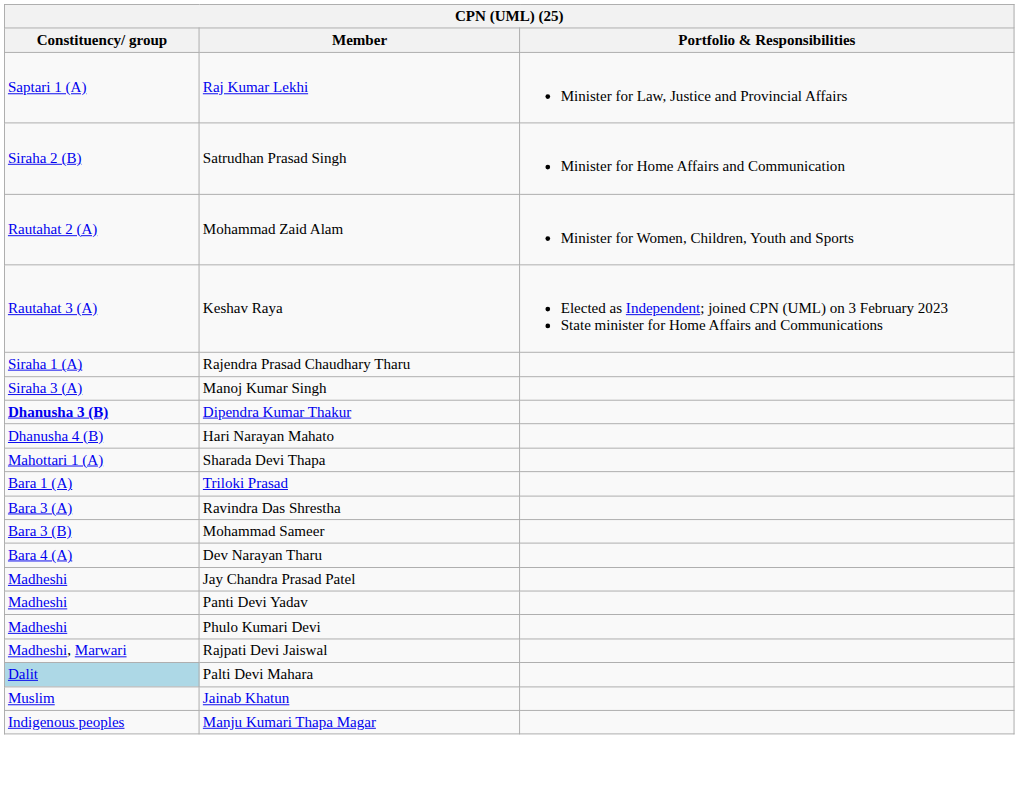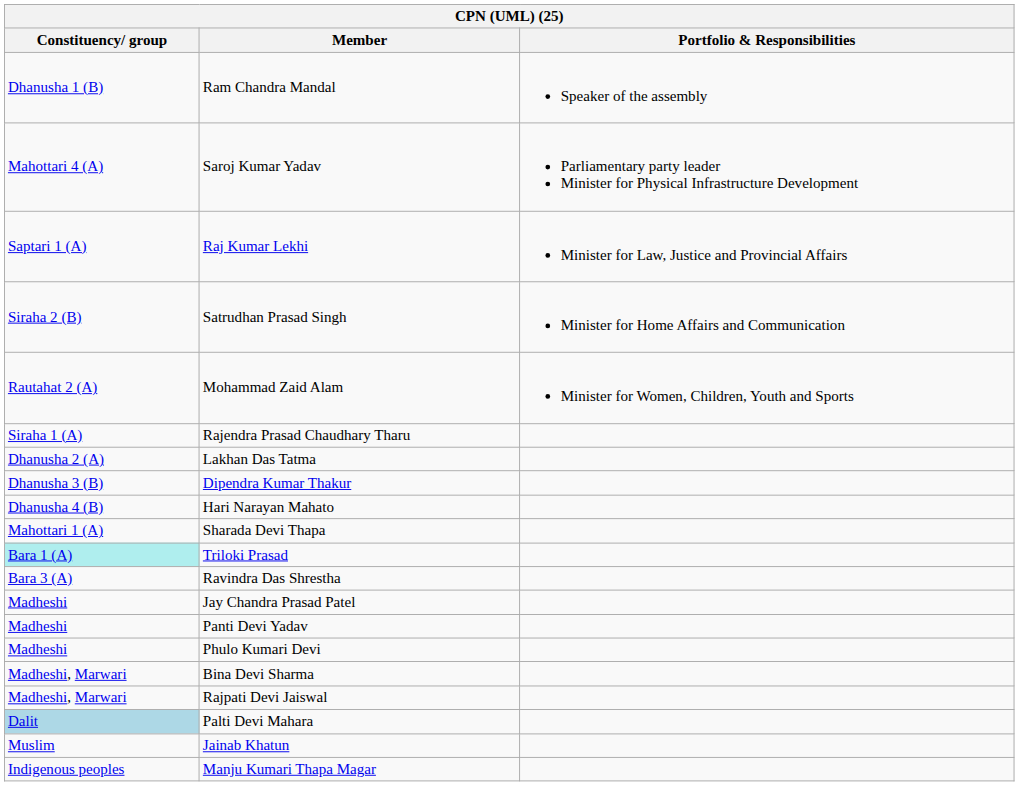 <table class="wikitable sortable mw-collapsible mw-collapsed">
 <tr>
 <th colspan="3" style="width: 800pt; background:">CPN (UML) (25)</th>
 </tr>
 <tr>
 <th style="width:150pt;">Constituency/ group</th>
 <th style="width:250pt;">Member</th>
 <th>Portfolio & Responsibilities</th>
+</tr>
+<tr>
+<td><a href='#'>Dhanusha 1 (B)</a></td>
+<td>Ram Chandra Mandal</td>
+<td><br><ul><li>Speaker of the assembly</li></ul></td>
+</tr>
+<tr>
+<td><a href='#'>Mahottari 4 (A)</a></td>
+<td>Saroj Kumar Yadav</td>
+<td><br><ul><li>Parliamentary party leader</li><li>Minister for Physical Infrastructure Development</li></ul></td>
 </tr>
 <tr>
 <td><a href='#'>Saptari 1 (A)</a></td>
 <td><a href='#'>Raj Kumar Lekhi</a></td>
 <td><br><ul><li>Minister for Law, Justice and Provincial Affairs</li></ul></td>
 </tr>
 <tr>
 <td><a href='#'>Siraha 2 (B)</a></td>
 <td>Satrudhan Prasad Singh</td>
 <td><br><ul><li>Minister for Home Affairs and Communication</li></ul></td>
 </tr>
 <tr>
 <td><a href='#'>Rautahat 2 (A)</a></td>
 <td>Mohammad Zaid Alam</td>
 <td><br><ul><li>Minister for Women, Children, Youth and Sports</li></ul></td>
 </tr>
 <tr>
-<td><a href='#'>Rautahat 3 (A)</a></td>
-<td>Keshav Raya</td>
-<td><br><ul><li>Elected as <a href='#'>Independent</a>; joined CPN (UML) on 3 February 2023</li><li>State minister for Home Affairs and Communications</li></ul></td>
-</tr>
-<tr>
 <td><a href='#'>Siraha 1 (A)</a></td>
 <td>Rajendra Prasad Chaudhary Tharu</td>
 <td></td>
 </tr>
 <tr>
-<td><a href='#'>Siraha 3 (A)</a></td>
-<td>Manoj Kumar Singh</td>
+<td><a href='#'>Dhanusha 2 (A)</a></td>
+<td>Lakhan Das Tatma</td>
 <td></td>
 </tr>
 <tr>
-<td><strong><a href='#'>Dhanusha 3 (B)</a></strong></td>
+<td><a href='#'>Dhanusha 3 (B)</a></td>
 <td><a href='#'>Dipendra Kumar Thakur</a></td>
 <td></td>
 </tr>
 <tr>
 <td><a href='#'>Dhanusha 4 (B)</a></td>
 <td>Hari Narayan Mahato</td>
 <td></td>
 </tr>
 <tr>
 <td><a href='#'>Mahottari 1 (A)</a></td>
 <td>Sharada Devi Thapa</td>
 <td></td>
 </tr>
 <tr>
-<td><a href='#'>Bara 1 (A)</a></td>
+<td style="background: paleturquoise;"><a href='#'>Bara 1 (A)</a></td>
 <td><a href='#'>Triloki Prasad</a></td>
 <td></td>
 </tr>
 <tr>
 <td><a href='#'>Bara 3 (A)</a></td>
 <td>Ravindra Das Shrestha</td>
-<td></td>
-</tr>
-<tr>
-<td><a href='#'>Bara 3 (B)</a></td>
-<td>Mohammad Sameer</td>
-<td></td>
-</tr>
-<tr>
-<td><a href='#'>Bara 4 (A)</a></td>
-<td>Dev Narayan Tharu</td>
 <td></td>
 </tr>
 <tr>
 <td><a href='#'>Madheshi</a></td>
 <td>Jay Chandra Prasad Patel</td>
 <td></td>
 </tr>
 <tr>
 <td><a href='#'>Madheshi</a></td>
 <td>Panti Devi Yadav</td>
 <td></td>
 </tr>
 <tr>
 <td><a href='#'>Madheshi</a></td>
 <td>Phulo Kumari Devi</td>
+<td></td>
+</tr>
+<tr>
+<td><a href='#'>Madheshi</a>, <a href='#'>Marwari</a></td>
+<td>Bina Devi Sharma</td>
 <td></td>
 </tr>
 <tr>
 <td><a href='#'>Madheshi</a>, <a href='#'>Marwari</a></td>
 <td>Rajpati Devi Jaiswal</td>
 <td></td>
 </tr>
 <tr>
 <td style="background: lightblue;"><a href='#'>Dalit</a></td>
 <td>Palti Devi Mahara</td>
 <td></td>
 </tr>
 <tr>
 <td><a href='#'>Muslim</a></td>
 <td><a href='#'>Jainab Khatun</a></td>
 <td></td>
 </tr>
 <tr>
 <td><a href='#'>Indigenous peoples</a></td>
 <td><a href='#'>Manju Kumari Thapa Magar</a></td>
 <td></td>
 </tr>
 </table>
